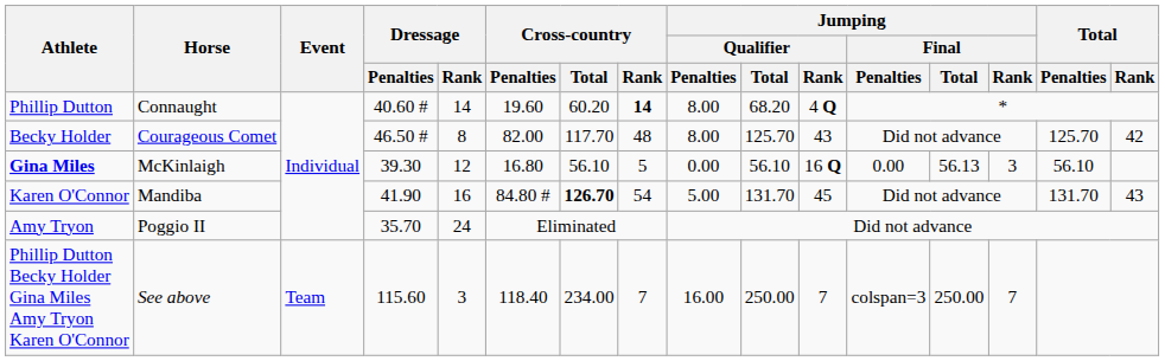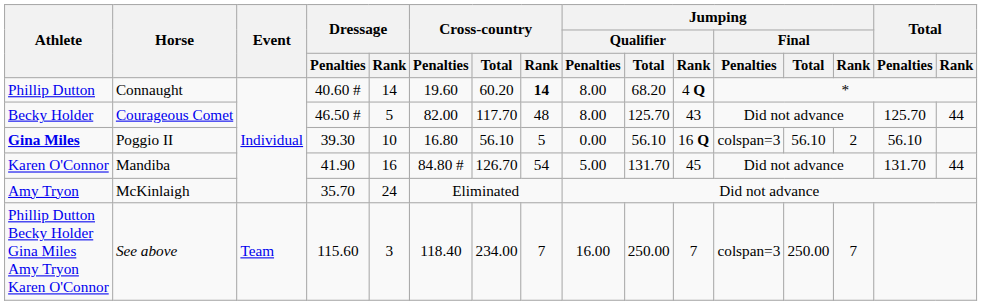 <table class=wikitable style=font-size:90%;text-align:center>
 <tr>
 <th rowspan=3>Athlete</th>
 <th rowspan=3>Horse</th>
 <th rowspan=3>Event</th>
 <th colspan=2 rowspan=2>Dressage</th>
 <th colspan=3 rowspan=2>Cross-country</th>
 <th colspan=6>Jumping</th>
 <th colspan=2 rowspan=2>Total</th>
 </tr>
 <tr style=font-size:95%>
 <th colspan=3>Qualifier</th>
 <th colspan=3>Final</th>
 </tr>
 <tr style=font-size:95%>
 <th>Penalties</th>
 <th>Rank</th>
 <th>Penalties</th>
 <th>Total</th>
 <th>Rank</th>
 <th>Penalties</th>
 <th>Total</th>
 <th>Rank</th>
 <th>Penalties</th>
 <th>Total</th>
 <th>Rank</th>
 <th>Penalties</th>
 <th>Rank</th>
 </tr>
 <tr>
 <td align=left><a href='#'>Phillip Dutton</a></td>
 <td align=left>Connaught</td>
 <td align=left rowspan=5><a href='#'>Individual</a></td>
 <td>40.60 #</td>
 <td>14</td>
 <td>19.60</td>
 <td>60.20</td>
 <td><strong>14</strong></td>
 <td>8.00</td>
 <td>68.20</td>
 <td>4 <strong>Q</strong></td>
 <td colspan=5>*</td>
 </tr>
 <tr>
 <td align=left><a href='#'>Becky Holder</a></td>
 <td align=left><a href='#'>Courageous Comet</a></td>
 <td>46.50 #</td>
-<td>8</td>
+<td>5</td>
 <td>82.00</td>
 <td>117.70</td>
 <td>48</td>
 <td>8.00</td>
 <td>125.70</td>
 <td>43</td>
 <td colspan=3>Did not advance</td>
 <td>125.70</td>
-<td>42</td>
+<td>44</td>
 </tr>
 <tr>
 <td align=left><strong><a href='#'>Gina Miles</a></strong></td>
-<td align=left>McKinlaigh</td>
+<td align=left>Poggio II</td>
 <td>39.30</td>
-<td>12</td>
+<td>10</td>
 <td>16.80</td>
 <td>56.10</td>
 <td>5</td>
 <td>0.00</td>
 <td>56.10</td>
 <td>16 <strong>Q</strong></td>
-<td>0.00</td>
-<td>56.13</td>
-<td>3</td>
+<td>colspan=3 </td>
+<td>56.10</td>
+<td>2</td>
 <td>56.10</td>
 <td></td>
 </tr>
 <tr>
 <td align=left><a href='#'>Karen O'Connor</a></td>
 <td align=left>Mandiba</td>
 <td>41.90</td>
 <td>16</td>
 <td>84.80 #</td>
-<td><strong>126.70</strong></td>
+<td>126.70</td>
 <td>54</td>
 <td>5.00</td>
 <td>131.70</td>
 <td>45</td>
 <td colspan=3>Did not advance</td>
 <td>131.70</td>
-<td>43</td>
+<td>44</td>
 </tr>
 <tr>
 <td align=left><a href='#'>Amy Tryon</a></td>
-<td align=left>Poggio II</td>
+<td align=left>McKinlaigh</td>
 <td>35.70</td>
 <td>24</td>
 <td colspan=3>Eliminated</td>
 <td colspan=8>Did not advance</td>
 </tr>
 <tr>
 <td align=left><a href='#'>Phillip Dutton</a><br><a href='#'>Becky Holder</a><br><a href='#'>Gina Miles</a><br><a href='#'>Amy Tryon</a><br><a href='#'>Karen O'Connor</a></td>
 <td align=left><em>See above</em></td>
 <td align=left><a href='#'>Team</a></td>
 <td>115.60</td>
 <td>3</td>
 <td>118.40</td>
 <td>234.00</td>
 <td>7</td>
 <td>16.00</td>
 <td>250.00</td>
 <td>7</td>
 <td>colspan=3 </td>
 <td>250.00</td>
 <td>7</td>
 </tr>
 </table>
